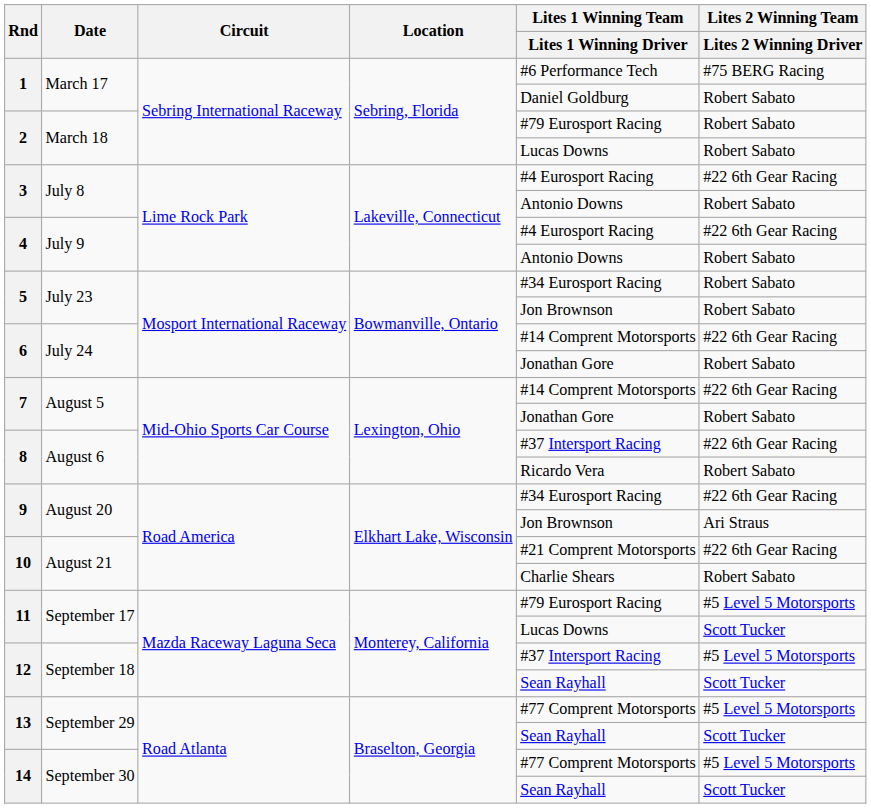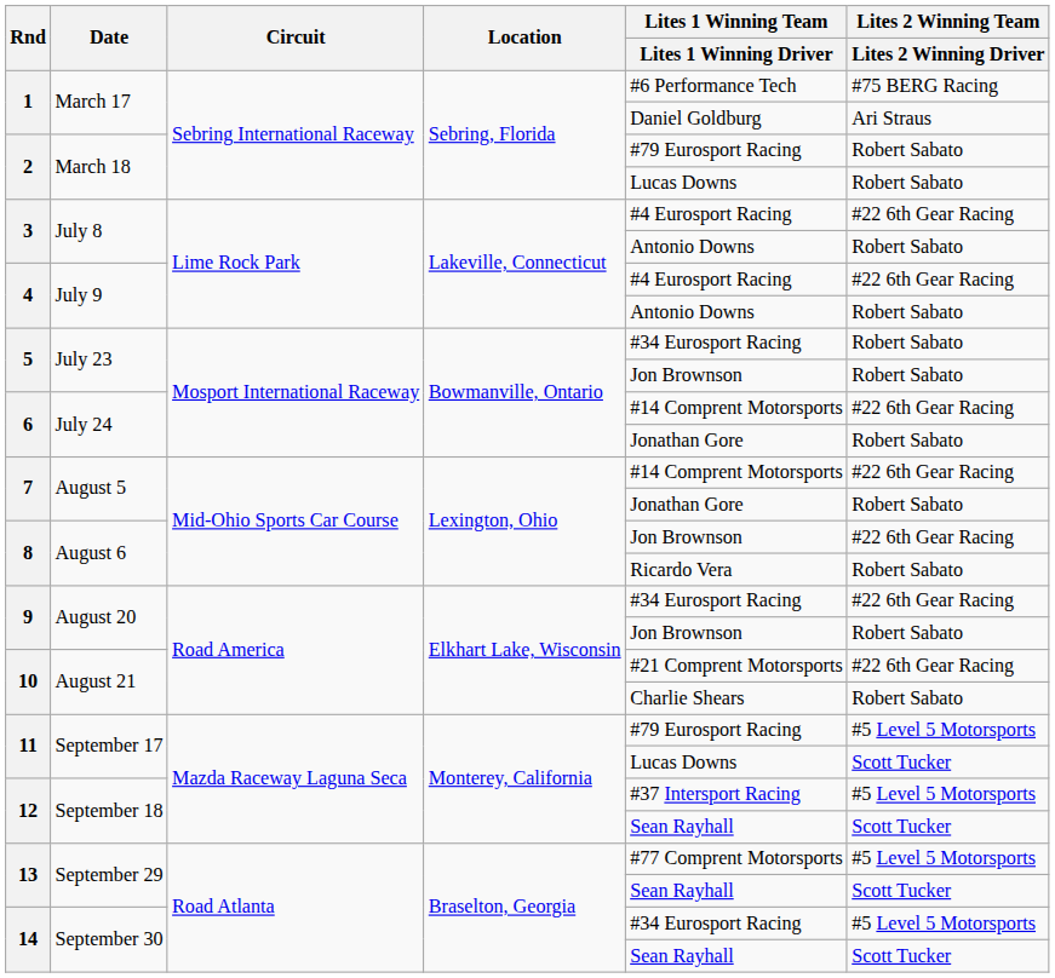 <table class="wikitable" style="font-size: 90%;">
 <tr>
 <th rowspan=2>Rnd</th>
 <th rowspan=2>Date</th>
 <th rowspan=2>Circuit</th>
 <th rowspan=2>Location</th>
 <th>Lites 1 Winning Team</th>
 <th>Lites 2 Winning Team</th>
 </tr>
 <tr>
 <th>Lites 1 Winning Driver</th>
 <th>Lites 2 Winning Driver</th>
 </tr>
 <tr>
 <th rowspan=2>1</th>
 <td rowspan=2>March 17</td>
 <td rowspan=4><a href='#'>Sebring International Raceway</a></td>
 <td rowspan=4><a href='#'>Sebring, Florida</a></td>
 <td>#6 Performance Tech</td>
 <td>#75 BERG Racing</td>
 </tr>
 <tr>
 <td> Daniel Goldburg</td>
-<td> Robert Sabato</td>
+<td> Ari Straus</td>
 </tr>
 <tr>
 <th rowspan=2>2</th>
 <td rowspan=2>March 18</td>
 <td>#79 Eurosport Racing</td>
 <td> Robert Sabato</td>
 </tr>
 <tr>
 <td> Lucas Downs</td>
 <td> Robert Sabato</td>
 </tr>
 <tr>
 <th rowspan=2>3</th>
 <td rowspan=2>July 8</td>
 <td rowspan=4><a href='#'>Lime Rock Park</a></td>
 <td rowspan=4><a href='#'>Lakeville, Connecticut</a></td>
 <td>#4 Eurosport Racing</td>
 <td>#22 6th Gear Racing</td>
 </tr>
 <tr>
 <td> Antonio Downs</td>
 <td> Robert Sabato</td>
 </tr>
 <tr>
 <th rowspan=2>4</th>
 <td rowspan=2>July 9</td>
 <td>#4 Eurosport Racing</td>
 <td>#22 6th Gear Racing</td>
 </tr>
 <tr>
 <td> Antonio Downs</td>
 <td> Robert Sabato</td>
 </tr>
 <tr>
 <th rowspan=2>5</th>
 <td rowspan=2>July 23</td>
 <td rowspan=4><a href='#'>Mosport International Raceway</a></td>
 <td rowspan=4><a href='#'>Bowmanville, Ontario</a></td>
 <td>#34 Eurosport Racing</td>
 <td> Robert Sabato</td>
 </tr>
 <tr>
 <td> Jon Brownson</td>
 <td> Robert Sabato</td>
 </tr>
 <tr>
 <th rowspan=2>6</th>
 <td rowspan=2>July 24</td>
 <td>#14 Comprent Motorsports</td>
 <td>#22 6th Gear Racing</td>
 </tr>
 <tr>
 <td> Jonathan Gore</td>
 <td> Robert Sabato</td>
 </tr>
 <tr>
 <th rowspan=2>7</th>
 <td rowspan=2>August 5</td>
 <td rowspan=4><a href='#'>Mid-Ohio Sports Car Course</a></td>
 <td rowspan=4><a href='#'>Lexington, Ohio</a></td>
 <td>#14 Comprent Motorsports</td>
 <td>#22 6th Gear Racing</td>
 </tr>
 <tr>
 <td> Jonathan Gore</td>
 <td> Robert Sabato</td>
 </tr>
 <tr>
 <th rowspan=2>8</th>
 <td rowspan=2>August 6</td>
-<td>#37 <a href='#'>Intersport Racing</a></td>
+<td> Jon Brownson</td>
 <td>#22 6th Gear Racing</td>
 </tr>
 <tr>
 <td> Ricardo Vera</td>
 <td> Robert Sabato</td>
 </tr>
 <tr>
 <th rowspan=2>9</th>
 <td rowspan=2>August 20</td>
 <td rowspan=4><a href='#'>Road America</a></td>
 <td rowspan=4><a href='#'>Elkhart Lake, Wisconsin</a></td>
 <td>#34 Eurosport Racing</td>
 <td>#22 6th Gear Racing</td>
 </tr>
 <tr>
 <td> Jon Brownson</td>
-<td> Ari Straus</td>
+<td> Robert Sabato</td>
 </tr>
 <tr>
 <th rowspan=2>10</th>
 <td rowspan=2>August 21</td>
 <td>#21 Comprent Motorsports</td>
 <td>#22 6th Gear Racing</td>
 </tr>
 <tr>
 <td> Charlie Shears</td>
 <td> Robert Sabato</td>
 </tr>
 <tr>
 <th rowspan=2>11</th>
 <td rowspan=2>September 17</td>
 <td rowspan=4><a href='#'>Mazda Raceway Laguna Seca</a></td>
 <td rowspan=4><a href='#'>Monterey, California</a></td>
 <td>#79 Eurosport Racing</td>
 <td>#5 <a href='#'>Level 5 Motorsports</a></td>
 </tr>
 <tr>
 <td> Lucas Downs</td>
 <td> <a href='#'>Scott Tucker</a></td>
 </tr>
 <tr>
 <th rowspan=2>12</th>
 <td rowspan=2>September 18</td>
 <td>#37 <a href='#'>Intersport Racing</a></td>
 <td>#5 <a href='#'>Level 5 Motorsports</a></td>
 </tr>
 <tr>
 <td> <a href='#'>Sean Rayhall</a></td>
 <td> <a href='#'>Scott Tucker</a></td>
 </tr>
 <tr>
 <th rowspan=2>13</th>
 <td rowspan=2>September 29</td>
 <td rowspan=4><a href='#'>Road Atlanta</a></td>
 <td rowspan=4><a href='#'>Braselton, Georgia</a></td>
 <td>#77 Comprent Motorsports</td>
 <td>#5 <a href='#'>Level 5 Motorsports</a></td>
 </tr>
 <tr>
 <td> <a href='#'>Sean Rayhall</a></td>
 <td> <a href='#'>Scott Tucker</a></td>
 </tr>
 <tr>
 <th rowspan=2>14</th>
 <td rowspan=2>September 30</td>
-<td>#77 Comprent Motorsports</td>
+<td>#34 Eurosport Racing</td>
 <td>#5 <a href='#'>Level 5 Motorsports</a></td>
 </tr>
 <tr>
 <td> <a href='#'>Sean Rayhall</a></td>
 <td> <a href='#'>Scott Tucker</a></td>
 </tr>
 </table>
